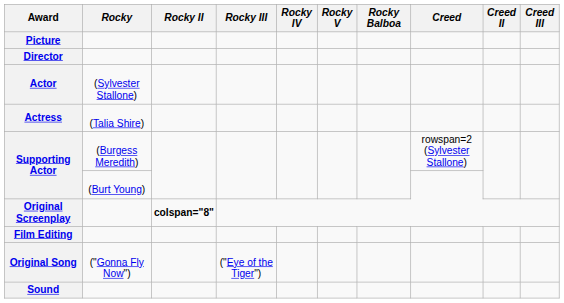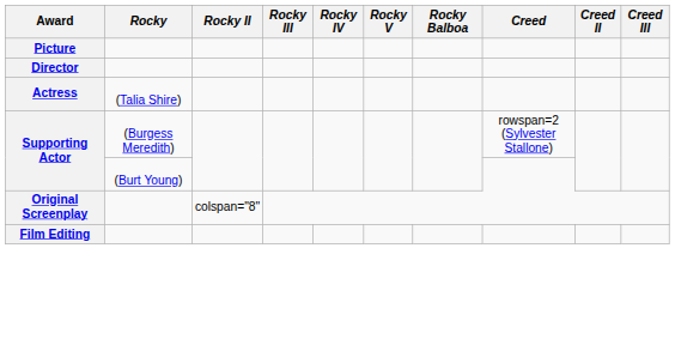 <table class="wikitable plainrowheaders" style="text-align:center;">
 <tr>
 <th>Award</th>
 <th><em>Rocky</em></th>
 <th><em>Rocky II</em></th>
 <th><em>Rocky III</em></th>
 <th><em>Rocky IV</em></th>
 <th><em>Rocky V</em></th>
 <th><em>Rocky Balboa</em></th>
 <th><em>Creed</em></th>
 <th><em>Creed II</em></th>
 <th><em>Creed III</em></th>
 </tr>
 <tr>
 <th scope="row"><strong><a href='#'>Picture</a></strong></th>
 <td></td>
 <td></td>
 <td></td>
 <td></td>
 <td></td>
 <td></td>
 <td></td>
 <td></td>
 <td></td>
 </tr>
 <tr>
 <th scope="row"><strong><a href='#'>Director</a></strong></th>
 <td></td>
-<td></td>
-<td></td>
-<td></td>
-<td></td>
-<td></td>
-<td></td>
-<td></td>
-<td></td>
-</tr>
-<tr>
-<th scope="row"><strong><a href='#'>Actor</a></strong></th>
-<td><br>(<a href='#'>Sylvester Stallone</a>)</td>
 <td></td>
 <td></td>
 <td></td>
 <td></td>
 <td></td>
 <td></td>
 <td></td>
 <td></td>
 </tr>
 <tr>
 <th scope="row"><strong><a href='#'>Actress</a></strong></th>
 <td><br>(<a href='#'>Talia Shire</a>)</td>
 <td></td>
 <td></td>
 <td></td>
 <td></td>
 <td></td>
 <td></td>
 <td></td>
 <td></td>
 </tr>
 <tr>
 <th scope="row" rowspan=2><strong><a href='#'>Supporting Actor</a></strong></th>
 <td><br>(<a href='#'>Burgess Meredith</a>)</td>
 <td rowspan="2"></td>
 <td rowspan="2"></td>
 <td rowspan="2"></td>
 <td rowspan="2"></td>
 <td rowspan="2"></td>
 <td>rowspan=2 <br>(<a href='#'>Sylvester Stallone</a>)</td>
 <td rowspan="2"></td>
 <td rowspan="2"></td>
 </tr>
 <tr>
 <td><br>(<a href='#'>Burt Young</a>)</td>
 </tr>
 <tr>
 <th scope="row"><strong><a href='#'>Original Screenplay</a></strong></th>
 <td></td>
-<td><strong>colspan="8" </strong></td>
+<td>colspan="8" </td>
 </tr>
 <tr>
 <th scope="row"><strong><a href='#'>Film Editing</a></strong></th>
 <td></td>
 <td></td>
 <td></td>
 <td></td>
 <td></td>
 <td></td>
 <td></td>
 <td></td>
 <td></td>
 </tr>
-<tr>
-<th scope="row"><strong><a href='#'>Original Song</a></strong></th>
-<td><br>("<a href='#'>Gonna Fly Now</a>")</td>
-<td></td>
-<td><br>("<a href='#'>Eye of the Tiger</a>")</td>
-<td></td>
-<td></td>
-<td></td>
-<td></td>
-<td></td>
-<td></td>
-</tr>
-<tr>
-<th scope="row"><strong><a href='#'>Sound</a></strong></th>
-<td></td>
-<td></td>
-<td></td>
-<td></td>
-<td></td>
-<td></td>
-<td></td>
-<td></td>
-<td></td>
-</tr>
 </table>
